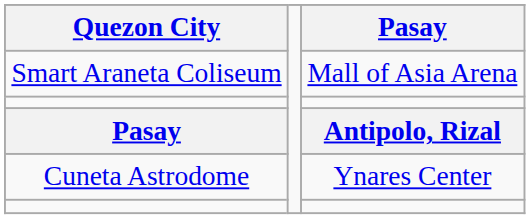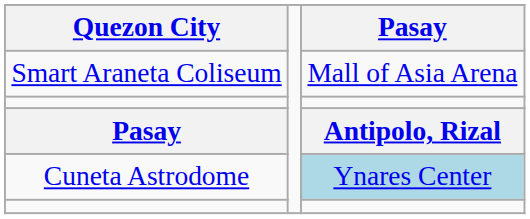 <table class="wikitable sortable" style="font-size:90%;">
 <tr>
 <th><a href='#'>Quezon City</a></th>
 <td rowspan=6 align=center valign=center></td>
 <th><a href='#'>Pasay</a></th>
 </tr>
 <tr align=center>
 <td><a href='#'>Smart Araneta Coliseum</a></td>
 <td><a href='#'>Mall of Asia Arena</a></td>
 </tr>
 <tr>
 <td></td>
 <td></td>
 </tr>
 <tr>
 <th><a href='#'>Pasay</a></th>
 <th><a href='#'>Antipolo, Rizal</a></th>
 </tr>
 <tr align=center>
 <td><a href='#'>Cuneta Astrodome</a></td>
-<td><a href='#'>Ynares Center</a></td>
+<td style="background: lightblue;"><a href='#'>Ynares Center</a></td>
 </tr>
 <tr>
 <td></td>
 <td></td>
 </tr>
 </table>
